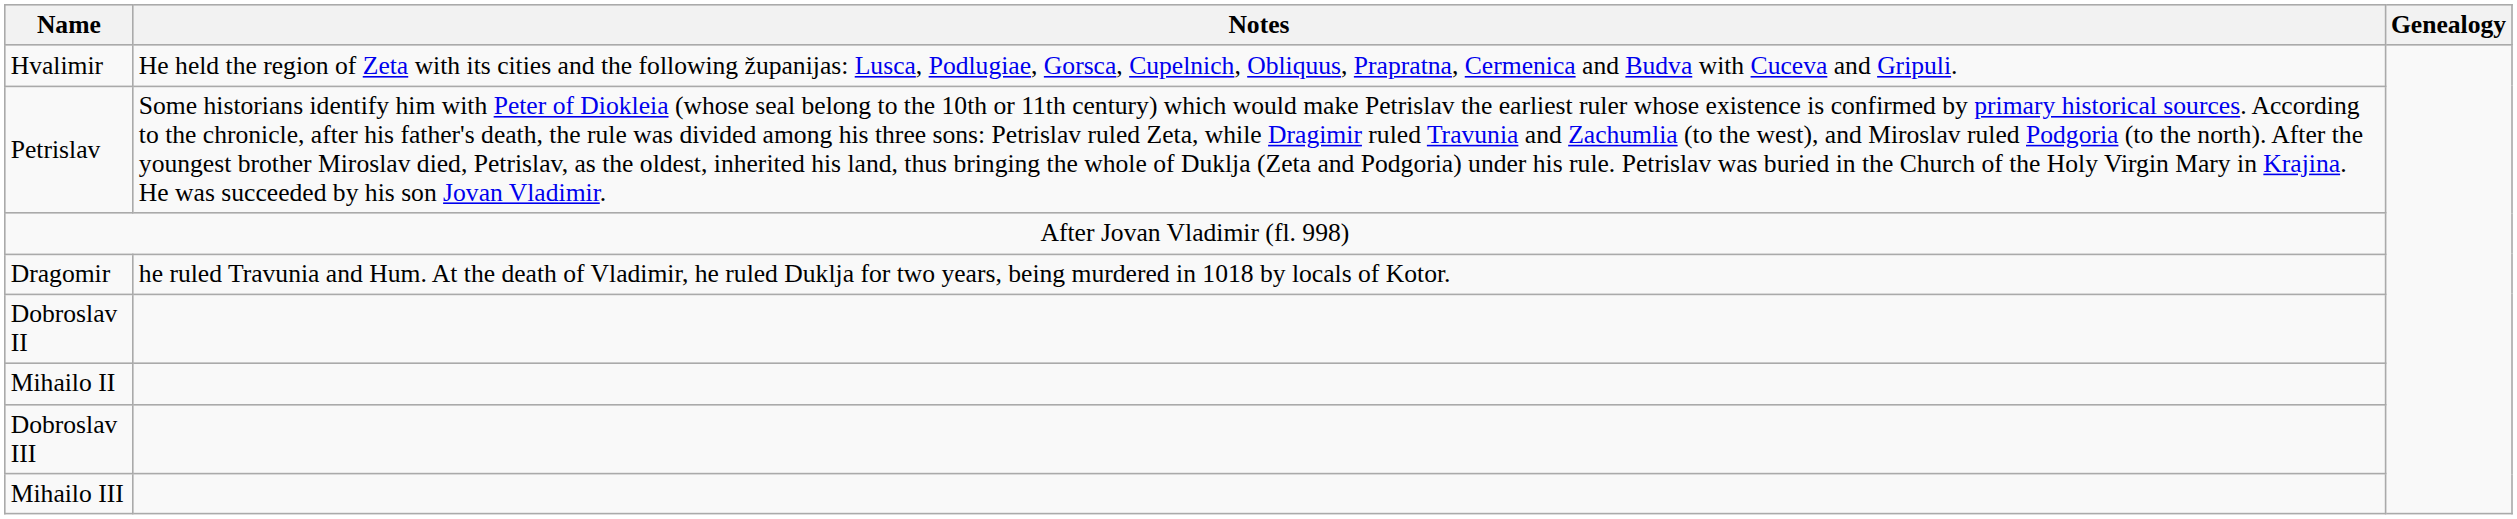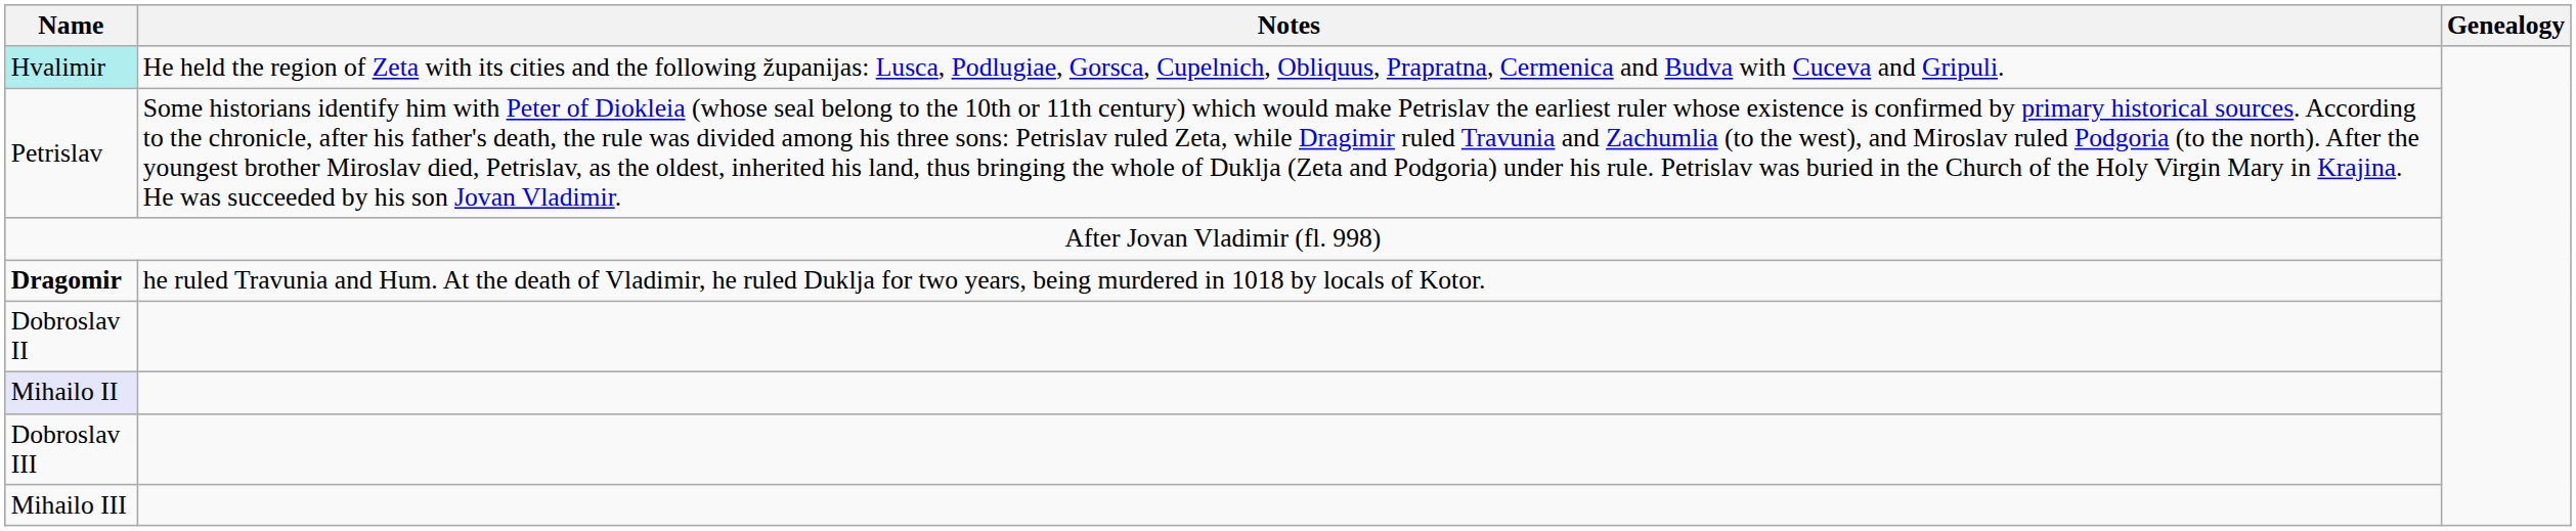 <table class="wikitable">
 <tr ->
 <th>Name</th>
 <th>Notes</th>
 <th>Genealogy</th>
 </tr>
 <tr ->
-<td>Hvalimir</td>
+<td style="background: paleturquoise;">Hvalimir</td>
 <td>He held the region of <a href='#'>Zeta</a> with its cities and the following županijas: <a href='#'>Lusca</a>, <a href='#'>Podlugiae</a>, <a href='#'>Gorsca</a>, <a href='#'>Cupelnich</a>, <a href='#'>Obliquus</a>, <a href='#'>Prapratna</a>, <a href='#'>Cermenica</a> and <a href='#'>Budva</a> with <a href='#'>Cuceva</a> and <a href='#'>Gripuli</a>.</td>
 </tr>
 <tr ->
 <td>Petrislav</td>
 <td>Some historians identify him with <a href='#'>Peter of Diokleia</a> (whose seal belong to the 10th or 11th century) which would make Petrislav the earliest ruler whose existence is confirmed by <a href='#'>primary historical sources</a>. According to the chronicle, after his father's death, the rule was divided among his three sons: Petrislav ruled Zeta, while <a href='#'>Dragimir</a> ruled <a href='#'>Travunia</a> and <a href='#'>Zachumlia</a> (to the west), and Miroslav ruled <a href='#'>Podgoria</a> (to the north). After the youngest brother Miroslav died, Petrislav, as the oldest, inherited his land, thus bringing the whole of Duklja (Zeta and Podgoria) under his rule. Petrislav was buried in the Church of the Holy Virgin Mary in <a href='#'>Krajina</a>. He was succeeded by his son <a href='#'>Jovan Vladimir</a>.</td>
 </tr>
 <tr ->
 <td colspan=2 style="text-align:center;">After Jovan Vladimir (fl. 998)</td>
 </tr>
 <tr ->
-<td>Dragomir</td>
+<td><strong>Dragomir</strong></td>
 <td>he ruled Travunia and Hum. At the death of Vladimir, he ruled Duklja for two years, being murdered in 1018 by locals of Kotor.</td>
 </tr>
 <tr ->
 <td>Dobroslav II</td>
 <td></td>
 </tr>
 <tr ->
-<td>Mihailo II</td>
+<td style="background: lavender;">Mihailo II</td>
 <td></td>
 </tr>
 <tr ->
 <td>Dobroslav III</td>
 <td></td>
 </tr>
 <tr ->
 <td>Mihailo III</td>
 <td></td>
 </tr>
 </table>
